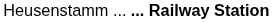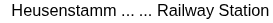 <table style="float:right; background:transparent; padding:0px;">
 <tr>
 <td></td>
 <td></td>
 </tr>
 <tr>
 <td>Heusenstamm ...</td>
-<td><strong>... Railway Station</strong></td>
+<td>... Railway Station</td>
 </tr>
 </table>
